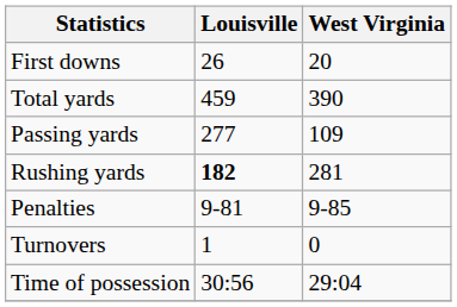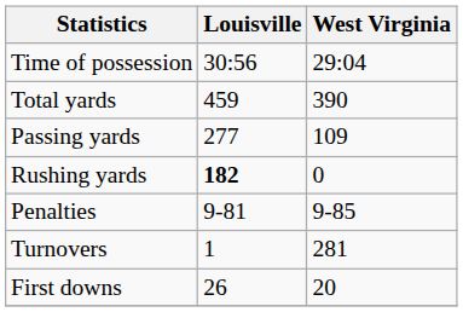 <table class="wikitable" style="float: left;">
 <tr>
 <th>Statistics</th>
 <th>Louisville</th>
 <th>West Virginia</th>
 </tr>
 <tr>
-<td>First downs</td>
-<td>26</td>
-<td>20</td>
+<td>Time of possession</td>
+<td>30:56</td>
+<td>29:04</td>
 </tr>
 <tr>
 <td>Total yards</td>
 <td>459</td>
 <td>390</td>
 </tr>
 <tr>
 <td>Passing yards</td>
 <td>277</td>
 <td>109</td>
 </tr>
 <tr>
 <td>Rushing yards</td>
 <td><strong>182</strong></td>
-<td>281</td>
+<td>0</td>
 </tr>
 <tr>
 <td>Penalties</td>
 <td>9-81</td>
 <td>9-85</td>
 </tr>
 <tr>
 <td>Turnovers</td>
 <td>1</td>
-<td>0</td>
+<td>281</td>
 </tr>
 <tr>
-<td>Time of possession</td>
-<td>30:56</td>
-<td>29:04</td>
+<td>First downs</td>
+<td>26</td>
+<td>20</td>
 </tr>
 <tr>
 </tr>
 </table>
